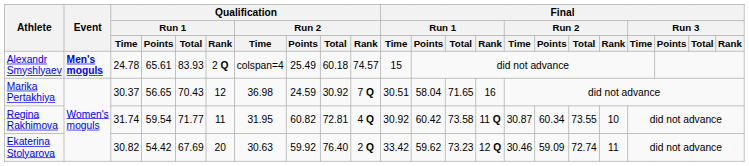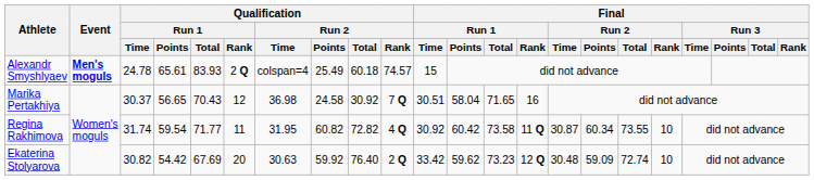 <table class="wikitable" style="font-size:90%">
 <tr>
 <th rowspan=3>Athlete</th>
 <th rowspan=3>Event</th>
 <th colspan=8>Qualification</th>
 <th colspan=12>Final</th>
 </tr>
 <tr style="font-size:95%">
 <th colspan=4>Run 1</th>
 <th colspan=4>Run 2</th>
 <th colspan=4>Run 1</th>
 <th colspan=4>Run 2</th>
 <th colspan=4>Run 3</th>
 </tr>
 <tr style="font-size:95%">
 <th>Time</th>
 <th>Points</th>
 <th>Total</th>
 <th>Rank</th>
 <th>Time</th>
 <th>Points</th>
 <th>Total</th>
 <th>Rank</th>
 <th>Time</th>
 <th>Points</th>
 <th>Total</th>
 <th>Rank</th>
 <th>Time</th>
 <th>Points</th>
 <th>Total</th>
 <th>Rank</th>
 <th>Time</th>
 <th>Points</th>
 <th>Total</th>
 <th>Rank</th>
 </tr>
 <tr align=center>
 <td align=left><a href='#'>Alexandr Smyshlyaev</a></td>
 <td align="left"><strong><a href='#'>Men's moguls</a></strong></td>
 <td>24.78</td>
 <td>65.61</td>
 <td>83.93</td>
 <td>2 <strong>Q</strong></td>
 <td>colspan=4 </td>
 <td>25.49</td>
 <td>60.18</td>
 <td>74.57</td>
 <td>15</td>
 <td colspan=8>did not advance</td>
 </tr>
 <tr align=center>
 <td align=left><a href='#'>Marika Pertakhiya</a></td>
 <td align="left" rowspan=3><a href='#'>Women's moguls</a></td>
 <td>30.37</td>
 <td>56.65</td>
 <td>70.43</td>
 <td>12</td>
 <td>36.98</td>
-<td>24.59</td>
+<td>24.58</td>
 <td>30.92</td>
 <td>7 <strong>Q</strong></td>
 <td>30.51</td>
 <td>58.04</td>
 <td>71.65</td>
 <td>16</td>
 <td colspan=8>did not advance</td>
 </tr>
 <tr align=center>
 <td align=left><a href='#'>Regina Rakhimova</a></td>
 <td>31.74</td>
 <td>59.54</td>
 <td>71.77</td>
 <td>11</td>
 <td>31.95</td>
 <td>60.82</td>
-<td>72.81</td>
+<td>72.82</td>
 <td>4 <strong>Q</strong></td>
 <td>30.92</td>
 <td>60.42</td>
 <td>73.58</td>
 <td>11 <strong>Q</strong></td>
 <td>30.87</td>
 <td>60.34</td>
 <td>73.55</td>
 <td>10</td>
 <td colspan=4>did not advance</td>
 </tr>
 <tr align=center>
 <td align=left><a href='#'>Ekaterina Stolyarova</a></td>
 <td>30.82</td>
 <td>54.42</td>
 <td>67.69</td>
 <td>20</td>
 <td>30.63</td>
 <td>59.92</td>
 <td>76.40</td>
 <td>2 <strong>Q</strong></td>
 <td>33.42</td>
 <td>59.62</td>
 <td>73.23</td>
 <td>12 <strong>Q</strong></td>
-<td>30.46</td>
+<td>30.48</td>
 <td>59.09</td>
 <td>72.74</td>
-<td>11</td>
+<td>10</td>
 <td colspan=4>did not advance</td>
 </tr>
 </table>
